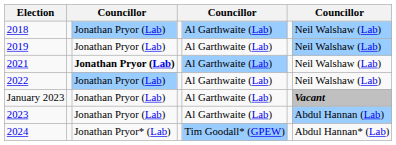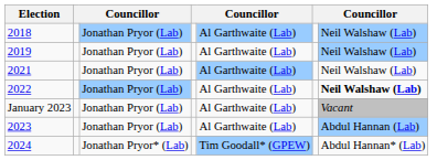 <table class="wikitable">
 <tr>
 <th>Election</th>
 <th colspan="2">Councillor</th>
 <th colspan="2">Councillor</th>
 <th colspan="2">Councillor</th>
 </tr>
 <tr>
 <td><a href='#'>2018</a></td>
 <td style="background-color: "></td>
 <td bgcolor="#99CCFF">Jonathan Pryor (<a href='#'>Lab</a>)</td>
 <td style="background-color: "></td>
 <td bgcolor="#99CCFF">Al Garthwaite (<a href='#'>Lab</a>)</td>
 <td style="background-color: "></td>
 <td bgcolor="#99CCFF">Neil Walshaw (<a href='#'>Lab</a>)</td>
 </tr>
 <tr>
 <td><a href='#'>2019</a></td>
 <td style="background-color: "></td>
 <td>Jonathan Pryor (<a href='#'>Lab</a>)</td>
 <td style="background-color: "></td>
 <td>Al Garthwaite (<a href='#'>Lab</a>)</td>
 <td style="background-color: "></td>
 <td bgcolor="#99CCFF">Neil Walshaw (<a href='#'>Lab</a>)</td>
 </tr>
 <tr>
 <td><a href='#'>2021</a></td>
 <td style="background-color: "></td>
-<td><strong>Jonathan Pryor (<a href='#'>Lab</a>)</strong></td>
+<td>Jonathan Pryor (<a href='#'>Lab</a>)</td>
 <td style="background-color: "></td>
 <td bgcolor="#99CCFF">Al Garthwaite (<a href='#'>Lab</a>)</td>
 <td style="background-color: "></td>
 <td>Neil Walshaw (<a href='#'>Lab</a>)</td>
 </tr>
 <tr>
 <td><a href='#'>2022</a></td>
 <td style="background-color: "></td>
 <td bgcolor="#99CCFF">Jonathan Pryor (<a href='#'>Lab</a>)</td>
 <td style="background-color: "></td>
 <td>Al Garthwaite (<a href='#'>Lab</a>)</td>
 <td style="background-color: "></td>
-<td>Neil Walshaw (<a href='#'>Lab</a>)</td>
+<td><strong>Neil Walshaw (<a href='#'>Lab</a>)</strong></td>
 </tr>
 <tr>
 <td>January 2023</td>
 <td style="background-color: "></td>
 <td>Jonathan Pryor (<a href='#'>Lab</a>)</td>
 <td style="background-color: "></td>
 <td>Al Garthwaite (<a href='#'>Lab</a>)</td>
 <td style="background-color: "></td>
-<td bgcolor="#C0C0C0"><strong><em>Vacant</em></strong></td>
+<td bgcolor="#C0C0C0"><em>Vacant</em></td>
 </tr>
 <tr>
 <td><a href='#'>2023</a></td>
 <td style="background-color: "></td>
 <td>Jonathan Pryor (<a href='#'>Lab</a>)</td>
 <td style="background-color: "></td>
 <td>Al Garthwaite (<a href='#'>Lab</a>)</td>
 <td style="background-color: "></td>
 <td bgcolor="#99CCFF">Abdul Hannan (<a href='#'>Lab</a>)</td>
 </tr>
 <tr>
 <td><a href='#'>2024</a></td>
 <td style="background-color: "></td>
 <td>Jonathan Pryor* (<a href='#'>Lab</a>)</td>
 <td style="background-color: "></td>
 <td bgcolor="#99CCFF">Tim Goodall* (<a href='#'>GPEW</a>)</td>
 <td style="background-color: "></td>
 <td>Abdul Hannan* (<a href='#'>Lab</a>)</td>
 </tr>
 </table>
